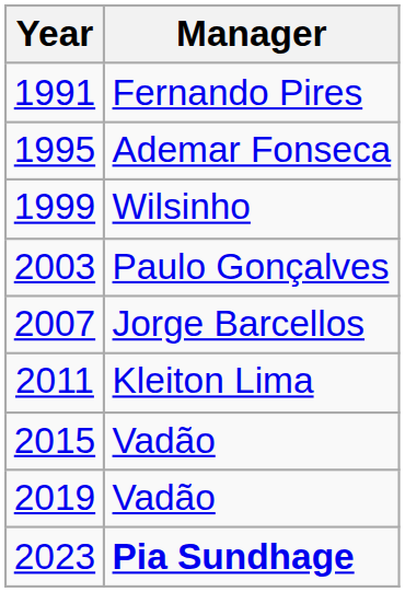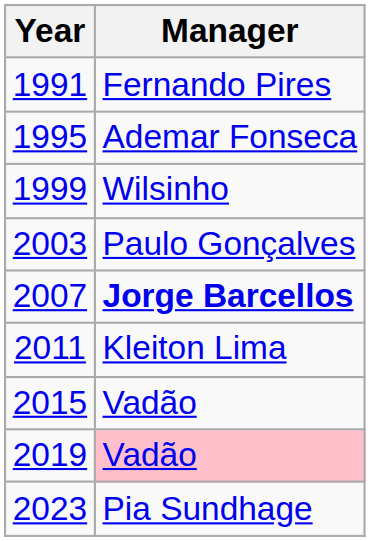 <table class="wikitable">
 <tr>
 <th>Year</th>
 <th>Manager</th>
 </tr>
 <tr>
 <td align=center><a href='#'>1991</a></td>
 <td> <a href='#'>Fernando Pires</a></td>
 </tr>
 <tr>
 <td align=center><a href='#'>1995</a></td>
 <td> <a href='#'>Ademar Fonseca</a></td>
 </tr>
 <tr>
 <td align=center><a href='#'>1999</a></td>
 <td> <a href='#'>Wilsinho</a></td>
 </tr>
 <tr>
 <td align=center><a href='#'>2003</a></td>
 <td> <a href='#'>Paulo Gonçalves</a></td>
 </tr>
 <tr>
 <td align=center><a href='#'>2007</a></td>
-<td> <a href='#'>Jorge Barcellos</a></td>
+<td><strong> <a href='#'>Jorge Barcellos</a></strong></td>
 </tr>
 <tr>
 <td align=center><a href='#'>2011</a></td>
 <td> <a href='#'>Kleiton Lima</a></td>
 </tr>
 <tr>
 <td align=center><a href='#'>2015</a></td>
 <td> <a href='#'>Vadão</a></td>
 </tr>
 <tr>
 <td align=center><a href='#'>2019</a></td>
-<td> <a href='#'>Vadão</a></td>
+<td style="background: pink;"> <a href='#'>Vadão</a></td>
 </tr>
 <tr>
 <td align=center><a href='#'>2023</a></td>
-<td><strong> <a href='#'>Pia Sundhage</a></strong></td>
+<td> <a href='#'>Pia Sundhage</a></td>
 </tr>
 </table>
